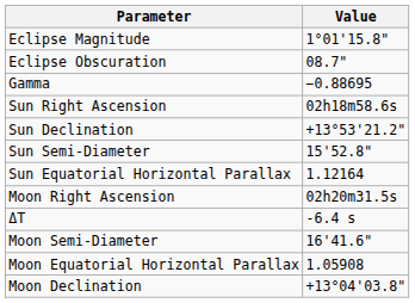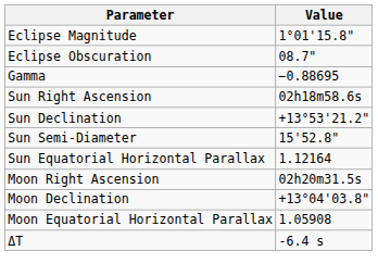 <table class="wikitable">
 <tr>
 <th>Parameter</th>
 <th>Value</th>
 </tr>
 <tr>
 <td>Eclipse Magnitude</td>
 <td>1°01'15.8"</td>
 </tr>
 <tr>
 <td>Eclipse Obscuration</td>
 <td>08.7"</td>
 </tr>
 <tr>
 <td>Gamma</td>
 <td>−0.88695</td>
 </tr>
 <tr>
 <td>Sun Right Ascension</td>
 <td>02h18m58.6s</td>
 </tr>
 <tr>
 <td>Sun Declination</td>
 <td>+13°53'21.2"</td>
 </tr>
 <tr>
 <td>Sun Semi-Diameter</td>
 <td>15'52.8"</td>
 </tr>
 <tr>
 <td>Sun Equatorial Horizontal Parallax</td>
 <td>1.12164</td>
 </tr>
 <tr>
 <td>Moon Right Ascension</td>
 <td>02h20m31.5s</td>
 </tr>
 <tr>
-<td>ΔT</td>
-<td>-6.4 s</td>
-</tr>
-<tr>
-<td>Moon Semi-Diameter</td>
-<td>16'41.6"</td>
+<td>Moon Declination</td>
+<td>+13°04'03.8"</td>
 </tr>
 <tr>
 <td>Moon Equatorial Horizontal Parallax</td>
 <td>1.05908</td>
 </tr>
 <tr>
-<td>Moon Declination</td>
-<td>+13°04'03.8"</td>
+<td>ΔT</td>
+<td>-6.4 s</td>
 </tr>
 </table>
